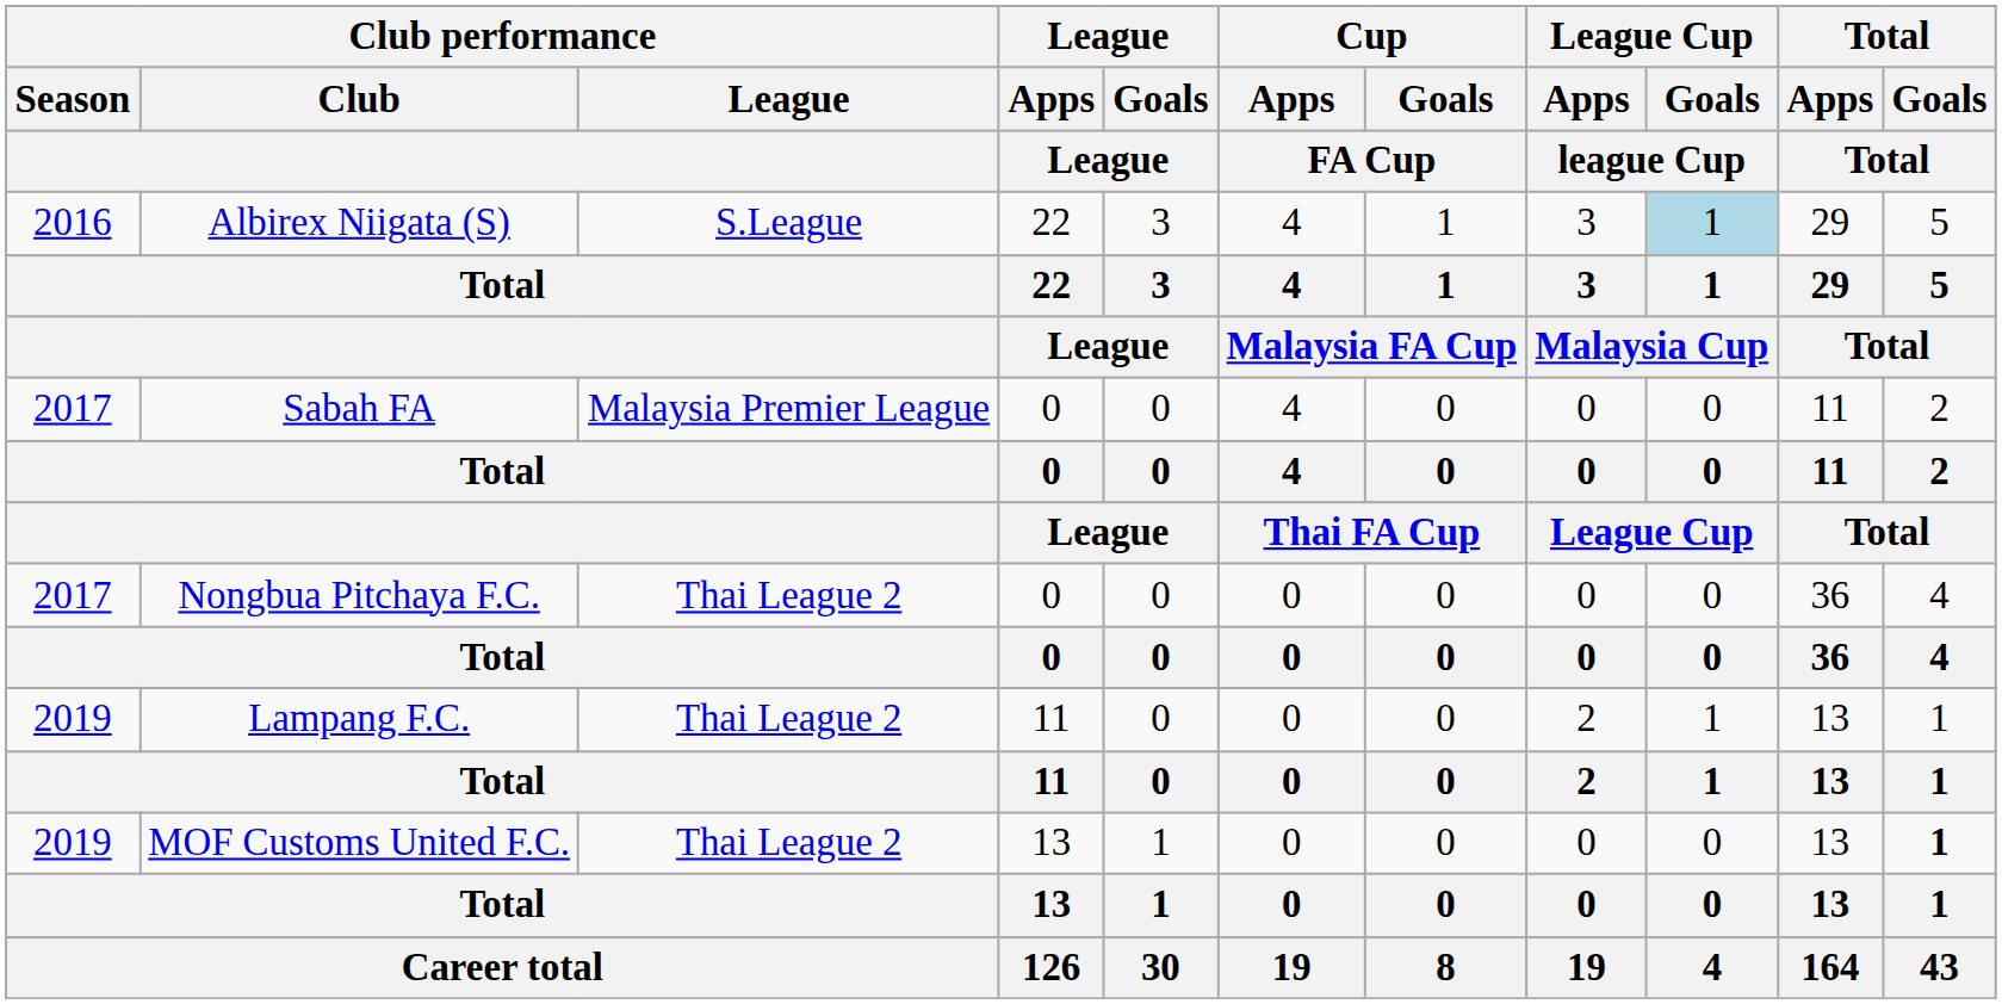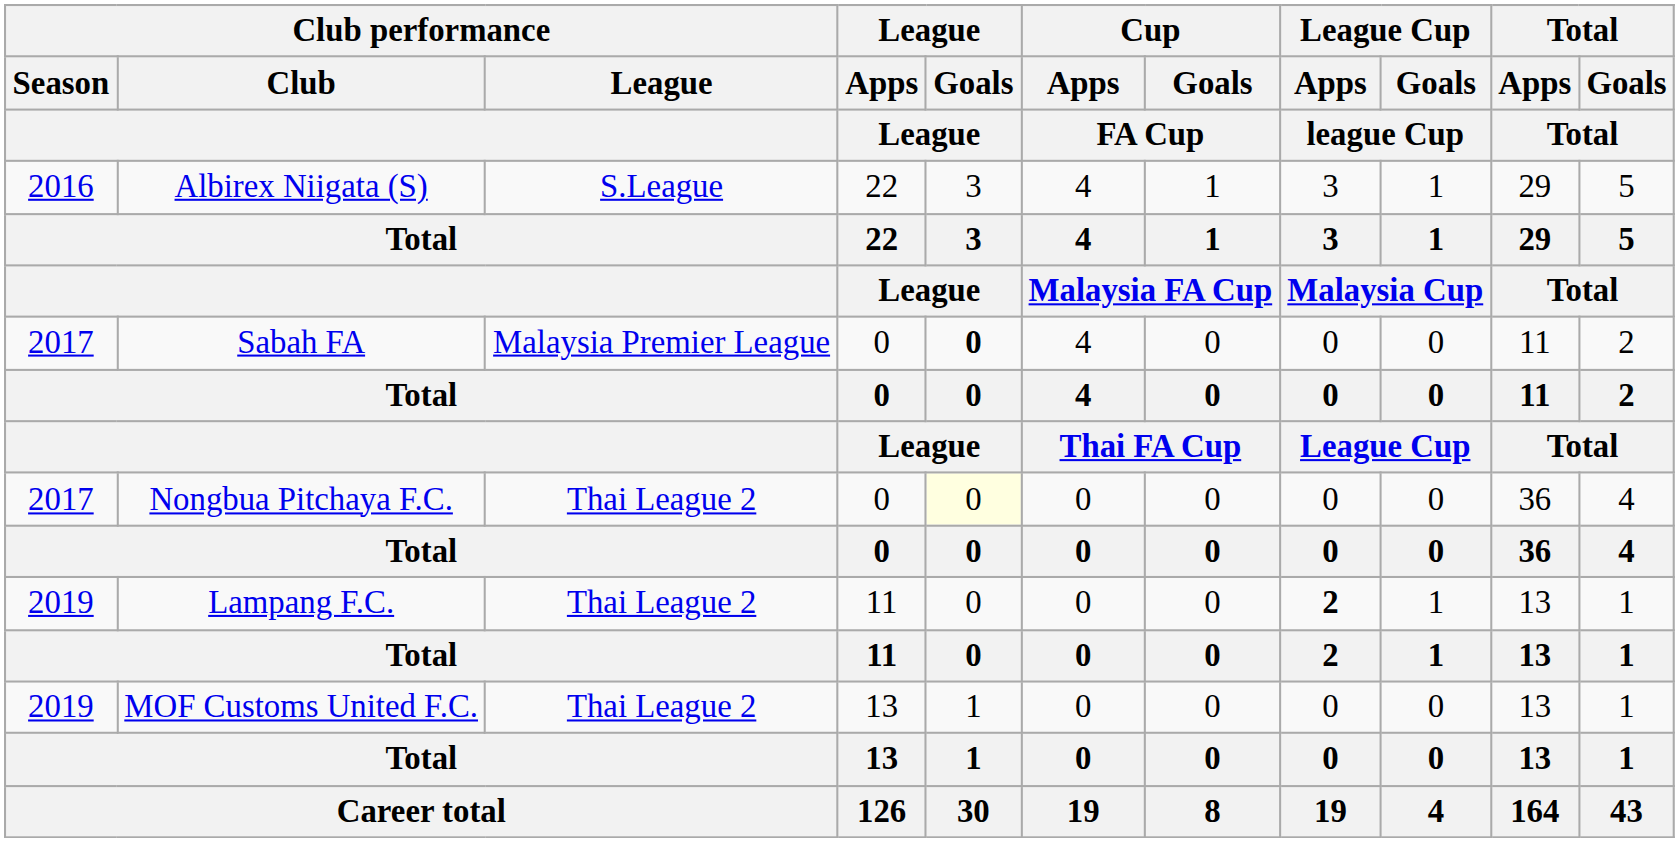 <table class="wikitable" style="text-align:center">
 <tr>
 <th colspan=3>Club performance</th>
 <th colspan=2>League</th>
 <th colspan=2>Cup</th>
 <th colspan=2>League Cup</th>
 <th colspan=2>Total</th>
 </tr>
 <tr>
 <th>Season</th>
 <th>Club</th>
 <th>League</th>
 <th>Apps</th>
 <th>Goals</th>
 <th>Apps</th>
 <th>Goals</th>
 <th>Apps</th>
 <th>Goals</th>
 <th>Apps</th>
 <th>Goals</th>
 </tr>
 <tr>
 <th colspan="3"></th>
 <th colspan="2">League</th>
 <th colspan="2">FA Cup</th>
 <th colspan="2">league Cup</th>
 <th colspan="2">Total</th>
 </tr>
 <tr>
 <td><a href='#'>2016</a></td>
 <td><a href='#'>Albirex Niigata (S)</a></td>
 <td><a href='#'>S.League</a></td>
 <td>22</td>
 <td>3</td>
 <td>4</td>
 <td>1</td>
 <td>3</td>
-<td style="background: lightblue;">1</td>
+<td>1</td>
 <td>29</td>
 <td>5</td>
 </tr>
 <tr>
 <th colspan="3">Total</th>
 <th>22</th>
 <th>3</th>
 <th>4</th>
 <th>1</th>
 <th>3</th>
 <th>1</th>
 <th>29</th>
 <th>5</th>
 </tr>
 <tr>
 <th colspan="3"></th>
 <th colspan="2">League</th>
 <th colspan="2"><a href='#'>Malaysia FA Cup</a></th>
 <th colspan="2"><a href='#'>Malaysia Cup</a></th>
 <th colspan="2">Total</th>
 </tr>
 <tr>
 <td><a href='#'>2017</a></td>
 <td><a href='#'>Sabah FA</a></td>
 <td><a href='#'>Malaysia Premier League</a></td>
 <td>0</td>
-<td>0</td>
+<td><strong>0</strong></td>
 <td>4</td>
 <td>0</td>
 <td>0</td>
 <td>0</td>
 <td>11</td>
 <td>2</td>
 </tr>
 <tr>
 <th colspan="3">Total</th>
 <th>0</th>
 <th>0</th>
 <th>4</th>
 <th>0</th>
 <th>0</th>
 <th>0</th>
 <th>11</th>
 <th>2</th>
 </tr>
 <tr>
 <th colspan="3"></th>
 <th colspan="2">League</th>
 <th colspan="2"><a href='#'>Thai FA Cup</a></th>
 <th colspan="2"><a href='#'>League Cup</a></th>
 <th colspan="2">Total</th>
 </tr>
 <tr>
 <td><a href='#'>2017</a></td>
 <td><a href='#'>Nongbua Pitchaya F.C.</a></td>
 <td><a href='#'>Thai League 2</a></td>
 <td>0</td>
-<td>0</td>
+<td style="background: lightyellow;">0</td>
 <td>0</td>
 <td>0</td>
 <td>0</td>
 <td>0</td>
 <td>36</td>
 <td>4</td>
 </tr>
 <tr>
 <th colspan="3">Total</th>
 <th>0</th>
 <th>0</th>
 <th>0</th>
 <th>0</th>
 <th>0</th>
 <th>0</th>
 <th>36</th>
 <th>4</th>
 </tr>
 <tr>
 <td><a href='#'>2019</a></td>
 <td><a href='#'>Lampang F.C.</a></td>
 <td><a href='#'>Thai League 2</a></td>
 <td>11</td>
 <td>0</td>
 <td>0</td>
 <td>0</td>
-<td>2</td>
+<td><strong>2</strong></td>
 <td>1</td>
 <td>13</td>
 <td>1</td>
 </tr>
 <tr>
 <th colspan="3">Total</th>
 <th>11</th>
 <th>0</th>
 <th>0</th>
 <th>0</th>
 <th>2</th>
 <th>1</th>
 <th>13</th>
 <th>1</th>
 </tr>
 <tr>
 <td><a href='#'>2019</a></td>
 <td><a href='#'>MOF Customs United F.C.</a></td>
 <td><a href='#'>Thai League 2</a></td>
 <td>13</td>
 <td>1</td>
 <td>0</td>
 <td>0</td>
 <td>0</td>
 <td>0</td>
 <td>13</td>
-<td><strong>1</strong></td>
+<td>1</td>
 </tr>
 <tr>
 <th colspan="3">Total</th>
 <th>13</th>
 <th>1</th>
 <th>0</th>
 <th>0</th>
 <th>0</th>
 <th>0</th>
 <th>13</th>
 <th>1</th>
 </tr>
 <tr>
 <th colspan="3">Career total</th>
 <th>126</th>
 <th>30</th>
 <th>19</th>
 <th>8</th>
 <th>19</th>
 <th>4</th>
 <th>164</th>
 <th>43</th>
 </tr>
 </table>
